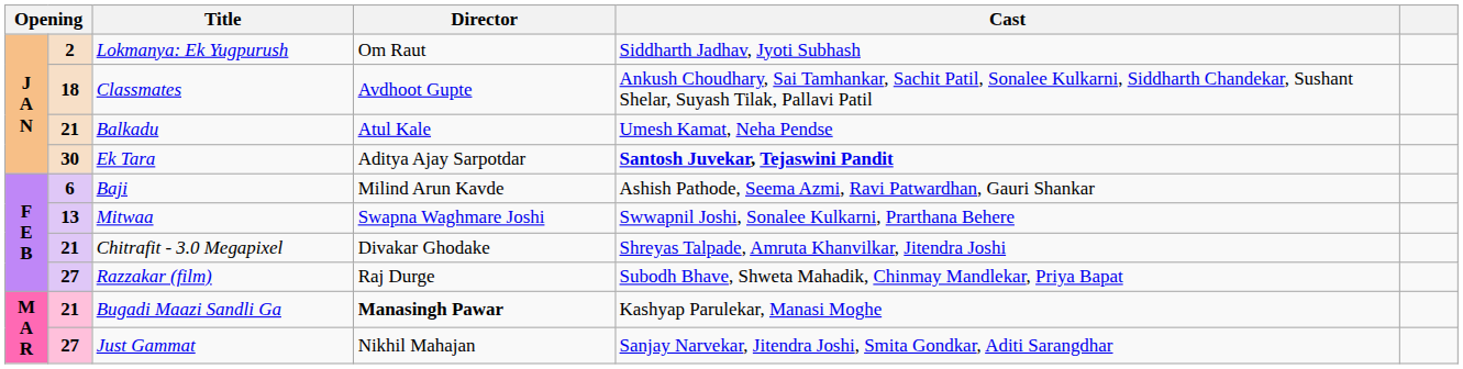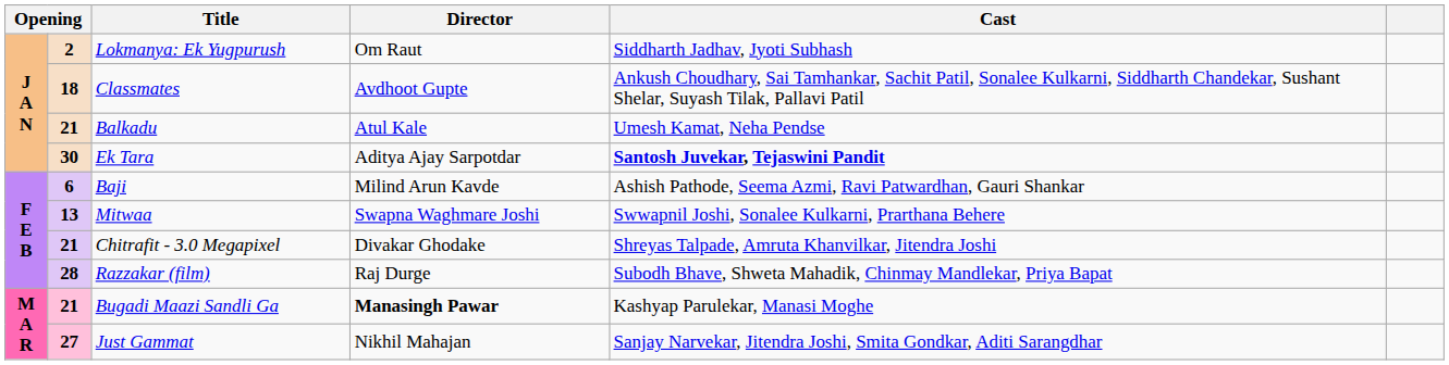 <table class="wikitable sortable">
 <tr>
 <th colspan="2" style="width:6%">Opening</th>
 <th style="width:18%">Title</th>
 <th style="width:18%">Director</th>
 <th>Cast</th>
 <th style="width:4%;"></th>
 </tr>
 <tr>
 <th rowspan="4" style="text-align:center; background:#f7bf87; text color:#000;">J<br>A<br>N</th>
 <td rowspan="1" style="text-align:center; background:#f7dfc7"><strong>2</strong></td>
 <td><em><a href='#'>Lokmanya: Ek Yugpurush</a></em></td>
 <td>Om Raut</td>
 <td><a href='#'>Siddharth Jadhav</a>, <a href='#'>Jyoti Subhash</a></td>
 <td></td>
 </tr>
 <tr>
 <td rowspan="1" style="text-align:center; background:#f7dfc7"><strong>18</strong></td>
 <td><em><a href='#'>Classmates</a></em></td>
 <td><a href='#'>Avdhoot Gupte</a></td>
 <td><a href='#'>Ankush Choudhary</a>, <a href='#'>Sai Tamhankar</a>, <a href='#'>Sachit Patil</a>, <a href='#'>Sonalee Kulkarni</a>, <a href='#'>Siddharth Chandekar</a>, Sushant Shelar, Suyash Tilak, Pallavi Patil</td>
 <td></td>
 </tr>
 <tr>
 <td rowspan="1" style="text-align:center; background:#f7dfc7"><strong>21</strong></td>
 <td><em><a href='#'>Balkadu</a></em></td>
 <td><a href='#'>Atul Kale</a></td>
 <td><a href='#'>Umesh Kamat</a>, <a href='#'>Neha Pendse</a></td>
 <td></td>
 </tr>
 <tr>
 <td rowspan="1" style="text-align:center; background:#f7dfc7"><strong>30</strong></td>
 <td><em><a href='#'>Ek Tara</a></em></td>
 <td>Aditya Ajay Sarpotdar</td>
 <td><strong><a href='#'>Santosh Juvekar</a>, <a href='#'>Tejaswini Pandit</a></strong></td>
 <td></td>
 </tr>
 <tr>
 <th rowspan="4" style="text-align:center; background:#bf87f7; textcolor:#000;">F<br>E<br>B</th>
 <td rowspan="1" style="text-align:center; background:#dfc7f7"><strong>6</strong></td>
 <td><em><a href='#'>Baji</a></em></td>
 <td>Milind Arun Kavde</td>
 <td>Ashish Pathode, <a href='#'>Seema Azmi</a>, <a href='#'>Ravi Patwardhan</a>, Gauri Shankar</td>
 <td></td>
 </tr>
 <tr>
 <td rowspan="1" style="text-align:center; background:#dfc7f7"><strong>13</strong></td>
 <td><em><a href='#'>Mitwaa</a></em></td>
 <td><a href='#'>Swapna Waghmare Joshi</a></td>
 <td><a href='#'>Swwapnil Joshi</a>, <a href='#'>Sonalee Kulkarni</a>, <a href='#'>Prarthana Behere</a></td>
 <td></td>
 </tr>
 <tr>
 <td rowspan="1" style="text-align:center; background:#dfc7f7"><strong>21</strong></td>
 <td><em>Chitrafit - 3.0 Megapixel</em></td>
 <td>Divakar Ghodake</td>
 <td><a href='#'>Shreyas Talpade</a>, <a href='#'>Amruta Khanvilkar</a>, <a href='#'>Jitendra Joshi</a></td>
 <td></td>
 </tr>
 <tr>
-<td rowspan="1" style="text-align:center; background:#dfc7f7"><strong>27</strong></td>
+<td rowspan="1" style="text-align:center; background:#dfc7f7"><strong>28</strong></td>
 <td><em><a href='#'>Razzakar (film)</a></em></td>
 <td>Raj Durge</td>
 <td><a href='#'>Subodh Bhave</a>, Shweta Mahadik, <a href='#'>Chinmay Mandlekar</a>, <a href='#'>Priya Bapat</a></td>
 <td></td>
 </tr>
 <tr>
 <th rowspan="2" style="text-align:center; background:#FF69B4; textcolor:#000;">M<br>A<br>R</th>
 <td rowspan="1" style="text-align:center; background:#ffc0db"><strong>21</strong></td>
 <td><em><a href='#'>Bugadi Maazi Sandli Ga</a></em></td>
 <td><strong>Manasingh Pawar</strong></td>
 <td>Kashyap Parulekar, <a href='#'>Manasi Moghe</a></td>
 <td></td>
 </tr>
 <tr>
 <td rowspan="1" style="text-align:center; background:#ffc0db"><strong>27</strong></td>
 <td><em><a href='#'>Just Gammat</a></em></td>
 <td>Nikhil Mahajan</td>
 <td><a href='#'>Sanjay Narvekar</a>, <a href='#'>Jitendra Joshi</a>, <a href='#'>Smita Gondkar</a>, <a href='#'>Aditi Sarangdhar</a></td>
 <td></td>
 </tr>
 </table>
